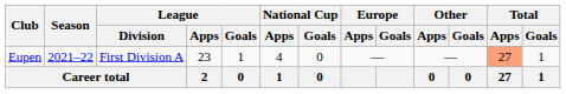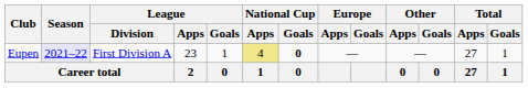 <table class="wikitable" style="text-align:center">
 <tr>
 <th rowspan="2">Club</th>
 <th rowspan="2">Season</th>
 <th colspan="3">League</th>
 <th colspan="2">National Cup</th>
 <th colspan="2">Europe</th>
 <th colspan="2">Other</th>
 <th colspan="2">Total</th>
 </tr>
 <tr>
 <th>Division</th>
 <th>Apps</th>
 <th>Goals</th>
 <th>Apps</th>
 <th>Goals</th>
 <th>Apps</th>
 <th>Goals</th>
 <th>Apps</th>
 <th>Goals</th>
 <th>Apps</th>
 <th>Goals</th>
 </tr>
 <tr>
 <td><a href='#'>Eupen</a></td>
-<td><a href='#'>2021–22</a></td>
+<td style="background: lavender;"><a href='#'>2021–22</a></td>
 <td><a href='#'>First Division A</a></td>
 <td>23</td>
 <td>1</td>
-<td>4</td>
-<td>0</td>
+<td style="background: khaki;">4</td>
+<td><strong>0</strong></td>
 <td colspan="2">—</td>
 <td colspan="2">—</td>
-<td style="background: lightsalmon;">27</td>
+<td>27</td>
 <td>1</td>
 </tr>
 <tr>
 <th colspan="3">Career total</th>
 <th>2</th>
 <th>0</th>
 <th>1</th>
 <th>0</th>
 <th></th>
 <th></th>
 <th>0</th>
 <th>0</th>
 <th>27</th>
 <th>1</th>
 </tr>
 </table>
